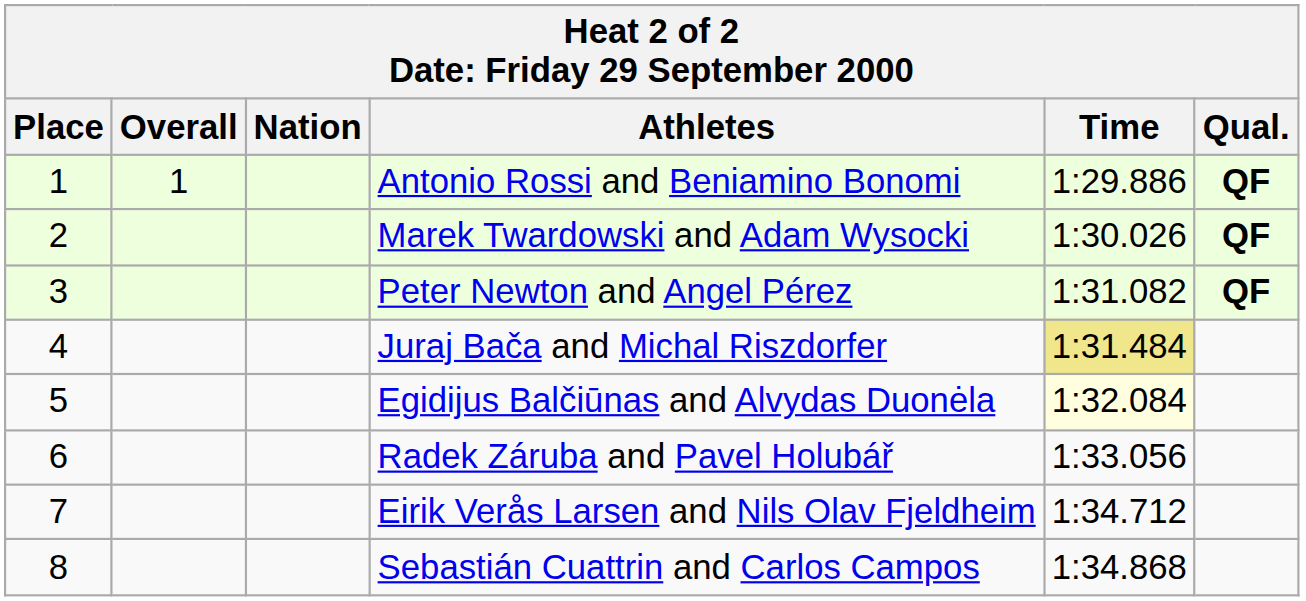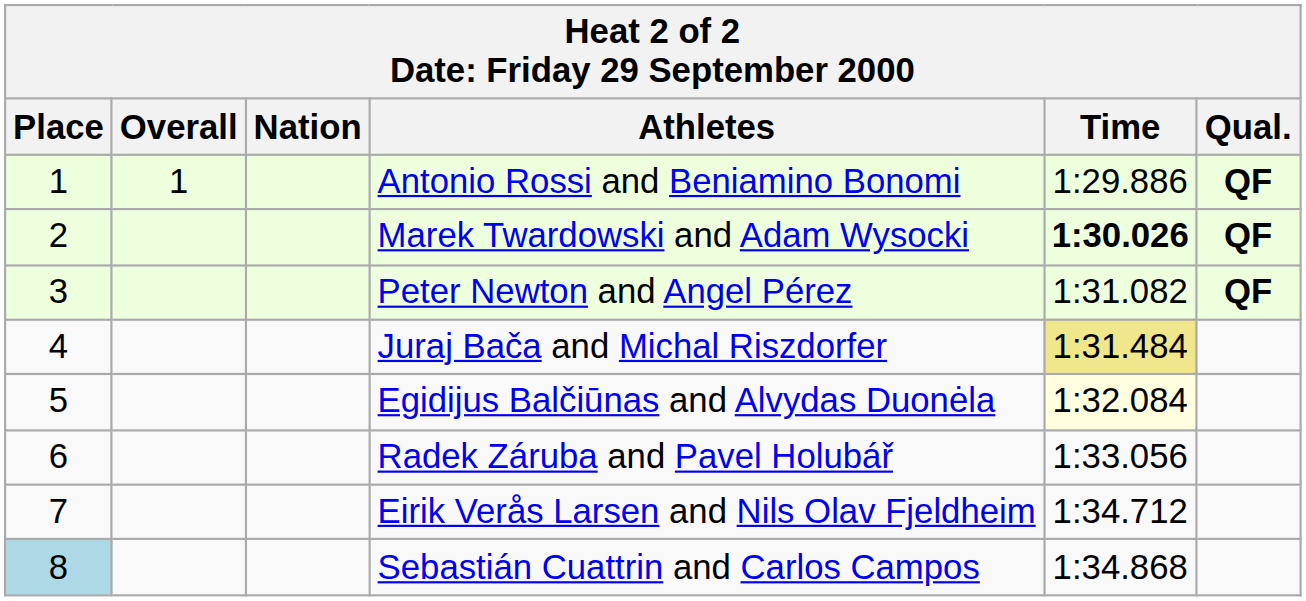 <table class="wikitable sortable">
 <tr>
 <th colspan=6>Heat 2 of 2 <br> Date: Friday 29 September 2000</th>
 </tr>
 <tr>
 <th rowspan=1>Place</th>
 <th rowspan=1>Overall</th>
 <th rowspan=1>Nation</th>
 <th rowspan=1>Athletes</th>
 <th rowspan=1>Time</th>
 <th rowspan=1>Qual.</th>
 </tr>
 <tr bgcolor = "eeffdd">
 <td align="center">1</td>
 <td align="center">1</td>
 <td align="left"></td>
 <td align="left"><a href='#'>Antonio Rossi</a> and <a href='#'>Beniamino Bonomi</a></td>
 <td align="center">1:29.886</td>
 <td align="center"><strong>QF</strong></td>
 </tr>
 <tr bgcolor = "eeffdd">
 <td align="center">2</td>
 <td align="center"></td>
 <td align="left"></td>
 <td align="left"><a href='#'>Marek Twardowski</a> and <a href='#'>Adam Wysocki</a></td>
-<td align="center">1:30.026</td>
+<td align="center"><strong>1:30.026</strong></td>
 <td align="center"><strong>QF</strong></td>
 </tr>
 <tr bgcolor = "eeffdd">
 <td align="center">3</td>
 <td align="center"></td>
 <td align="left"></td>
 <td align="left"><a href='#'>Peter Newton</a> and <a href='#'>Angel Pérez</a></td>
 <td align="center">1:31.082</td>
 <td align="center"><strong>QF</strong></td>
 </tr>
 <tr>
 <td align="center">4</td>
 <td align="center"></td>
 <td align="left"></td>
 <td align="left"><a href='#'>Juraj Bača</a> and <a href='#'>Michal Riszdorfer</a></td>
 <td align="center" style="background: khaki;">1:31.484</td>
 <td align="center"></td>
 </tr>
 <tr>
 <td align="center">5</td>
 <td align="center"></td>
 <td align="left"></td>
 <td align="left"><a href='#'>Egidijus Balčiūnas</a> and <a href='#'>Alvydas Duonėla</a></td>
 <td align="center" style="background: lightyellow;">1:32.084</td>
 <td align="center"></td>
 </tr>
 <tr>
 <td align="center">6</td>
 <td align="center"></td>
 <td align="left"></td>
 <td align="left"><a href='#'>Radek Záruba</a> and <a href='#'>Pavel Holubář</a></td>
 <td align="center">1:33.056</td>
 <td align="center"></td>
 </tr>
 <tr>
 <td align="center">7</td>
 <td align="center"></td>
 <td align="left"></td>
 <td align="left"><a href='#'>Eirik Verås Larsen</a> and <a href='#'>Nils Olav Fjeldheim</a></td>
 <td align="center">1:34.712</td>
 <td align="center"></td>
 </tr>
 <tr>
-<td align="center">8</td>
+<td align="center" style="background: lightblue;">8</td>
 <td align="center"></td>
 <td align="left"></td>
 <td align="left"><a href='#'>Sebastián Cuattrin</a> and <a href='#'>Carlos Campos</a></td>
 <td align="center">1:34.868</td>
 <td align="center"></td>
 </tr>
 </table>
